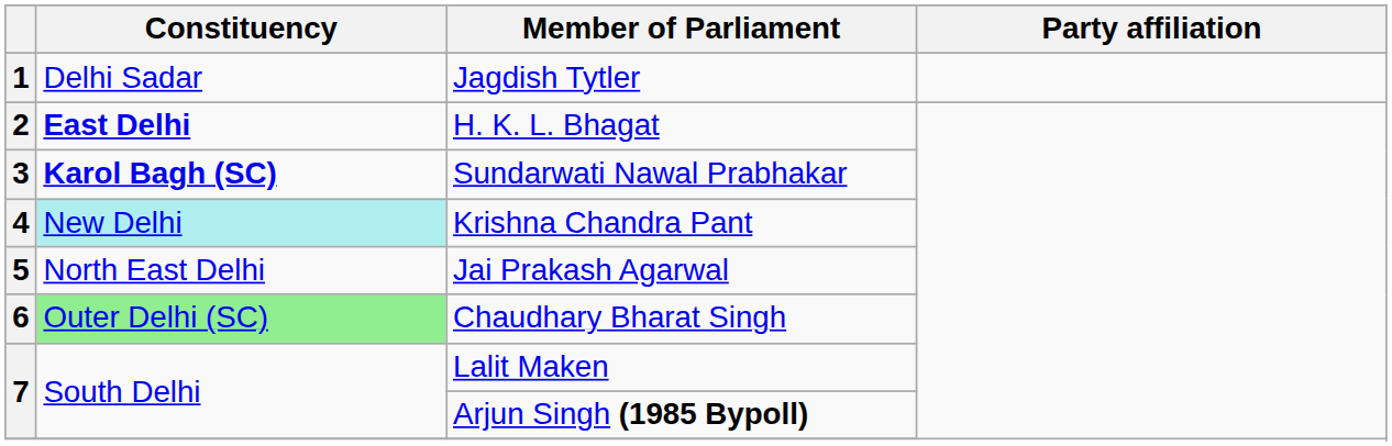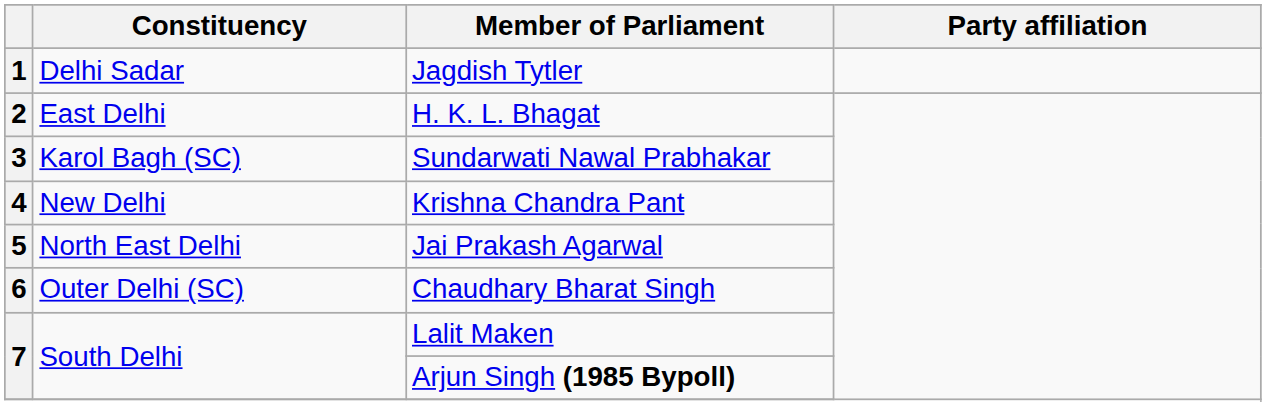 <table class="wikitable sortable">
 <tr style="text-align:center;">
 <th></th>
 <th style="width:13em">Constituency</th>
 <th style="width:15em">Member of Parliament</th>
 <th colspan="2" style="width:15em">Party affiliation</th>
 </tr>
 <tr>
 <th>1</th>
 <td><a href='#'>Delhi Sadar</a></td>
 <td><a href='#'>Jagdish Tytler</a></td>
 <td></td>
 </tr>
 <tr>
 <th>2</th>
-<td><strong><a href='#'>East Delhi</a></strong></td>
+<td><a href='#'>East Delhi</a></td>
 <td><a href='#'>H. K. L. Bhagat</a></td>
 </tr>
 <tr>
 <th>3</th>
-<td><strong><a href='#'>Karol Bagh (SC)</a></strong></td>
+<td><a href='#'>Karol Bagh (SC)</a></td>
 <td><a href='#'>Sundarwati Nawal Prabhakar</a></td>
 </tr>
 <tr>
 <th>4</th>
-<td style="background: paleturquoise;"><a href='#'>New Delhi</a></td>
+<td><a href='#'>New Delhi</a></td>
 <td><a href='#'>Krishna Chandra Pant</a></td>
 </tr>
 <tr>
 <th>5</th>
 <td><a href='#'>North East Delhi</a></td>
 <td><a href='#'>Jai Prakash Agarwal</a></td>
 </tr>
 <tr>
 <th>6</th>
-<td style="background: lightgreen;"><a href='#'>Outer Delhi (SC)</a></td>
+<td><a href='#'>Outer Delhi (SC)</a></td>
 <td><a href='#'>Chaudhary Bharat Singh</a></td>
 </tr>
 <tr>
 <th rowspan=2>7</th>
 <td rowspan=2><a href='#'>South Delhi</a></td>
 <td><a href='#'>Lalit Maken</a></td>
 </tr>
 <tr>
 <td><a href='#'>Arjun Singh</a> <strong>(1985 Bypoll)</strong></td>
 </tr>
 <tr>
 </tr>
 </table>
